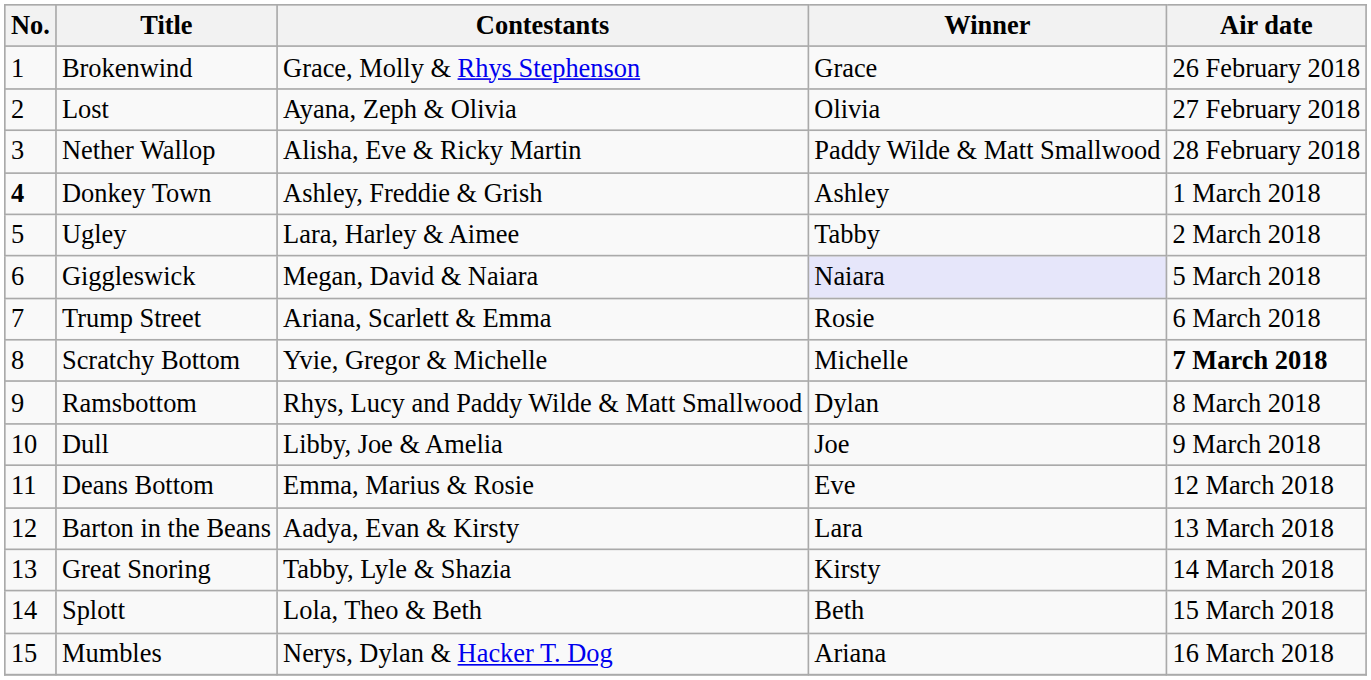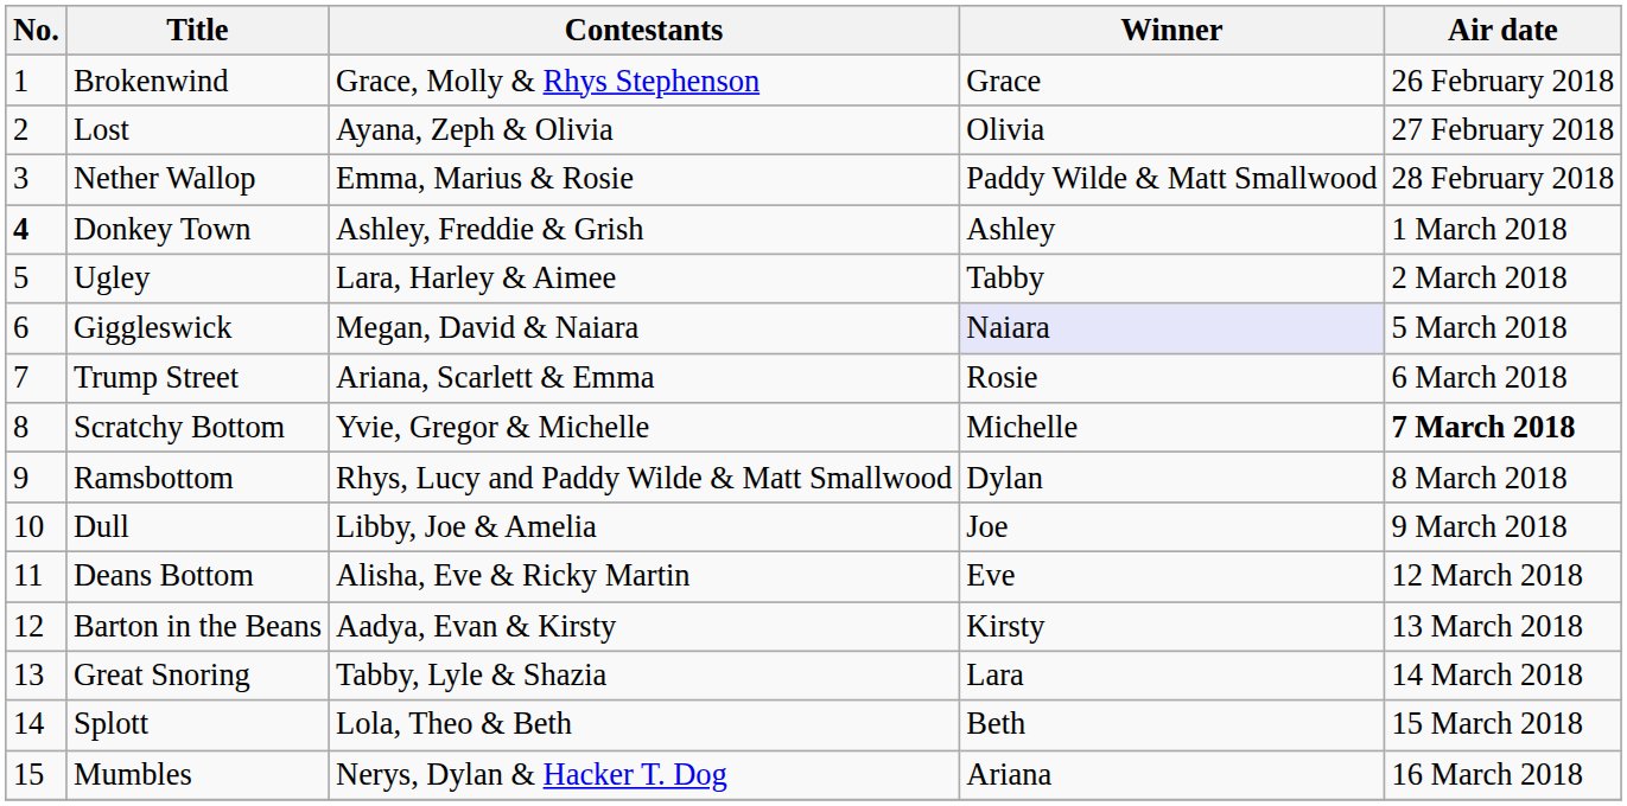 <table class="wikitable">
 <tr>
 <th>No.</th>
 <th>Title</th>
 <th>Contestants</th>
 <th>Winner</th>
 <th>Air date</th>
 </tr>
 <tr>
 <td>1</td>
 <td>Brokenwind</td>
 <td>Grace, Molly & <a href='#'>Rhys Stephenson</a></td>
 <td>Grace</td>
 <td>26 February 2018</td>
 </tr>
 <tr>
 <td>2</td>
 <td>Lost</td>
 <td>Ayana, Zeph & Olivia</td>
 <td>Olivia</td>
 <td>27 February 2018</td>
 </tr>
 <tr>
 <td>3</td>
 <td>Nether Wallop</td>
-<td>Alisha, Eve & Ricky Martin</td>
+<td>Emma, Marius & Rosie</td>
 <td>Paddy Wilde & Matt Smallwood</td>
 <td>28 February 2018</td>
 </tr>
 <tr>
 <td><strong>4</strong></td>
 <td>Donkey Town</td>
 <td>Ashley, Freddie & Grish</td>
 <td>Ashley</td>
 <td>1 March 2018</td>
 </tr>
 <tr>
 <td>5</td>
 <td>Ugley</td>
 <td>Lara, Harley & Aimee</td>
 <td>Tabby</td>
 <td>2 March 2018</td>
 </tr>
 <tr>
 <td>6</td>
 <td>Giggleswick</td>
 <td>Megan, David & Naiara</td>
 <td style="background: lavender;">Naiara</td>
 <td>5 March 2018</td>
 </tr>
 <tr>
 <td>7</td>
 <td>Trump Street</td>
 <td>Ariana, Scarlett & Emma</td>
 <td>Rosie</td>
 <td>6 March 2018</td>
 </tr>
 <tr>
 <td>8</td>
 <td>Scratchy Bottom</td>
 <td>Yvie, Gregor & Michelle</td>
 <td>Michelle</td>
 <td><strong>7 March 2018</strong></td>
 </tr>
 <tr>
 <td>9</td>
 <td>Ramsbottom</td>
 <td>Rhys, Lucy and Paddy Wilde & Matt Smallwood</td>
 <td>Dylan</td>
 <td>8 March 2018</td>
 </tr>
 <tr>
 <td>10</td>
 <td>Dull</td>
 <td>Libby, Joe & Amelia</td>
 <td>Joe</td>
 <td>9 March 2018</td>
 </tr>
 <tr>
 <td>11</td>
 <td>Deans Bottom</td>
-<td>Emma, Marius & Rosie</td>
+<td>Alisha, Eve & Ricky Martin</td>
 <td>Eve</td>
 <td>12 March 2018</td>
 </tr>
 <tr>
 <td>12</td>
 <td>Barton in the Beans</td>
 <td>Aadya, Evan & Kirsty</td>
-<td>Lara</td>
+<td>Kirsty</td>
 <td>13 March 2018</td>
 </tr>
 <tr>
 <td>13</td>
 <td>Great Snoring</td>
 <td>Tabby, Lyle & Shazia</td>
-<td>Kirsty</td>
+<td>Lara</td>
 <td>14 March 2018</td>
 </tr>
 <tr>
 <td>14</td>
 <td>Splott</td>
 <td>Lola, Theo & Beth</td>
 <td>Beth</td>
 <td>15 March 2018</td>
 </tr>
 <tr>
 <td>15</td>
 <td>Mumbles</td>
 <td>Nerys, Dylan & <a href='#'>Hacker T. Dog</a></td>
 <td>Ariana</td>
 <td>16 March 2018</td>
 </tr>
 <tr>
 </tr>
 </table>
